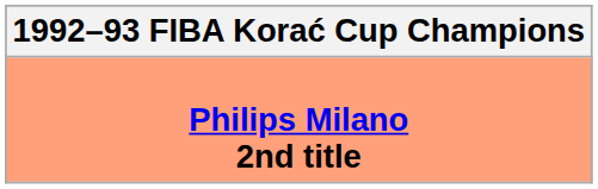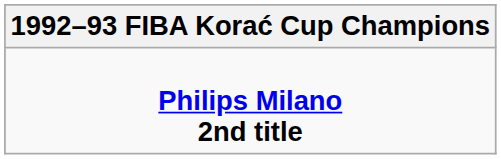 <table class=wikitable style="text-align:center; margin:auto">
 <tr>
 <th>1992–93 FIBA Korać Cup Champions</th>
 </tr>
 <tr>
-<td style="background: lightsalmon;"><br> <strong><a href='#'>Philips Milano</a></strong> <br> <strong>2nd title</strong></td>
+<td><br> <strong><a href='#'>Philips Milano</a></strong> <br> <strong>2nd title</strong></td>
 </tr>
 </table>
